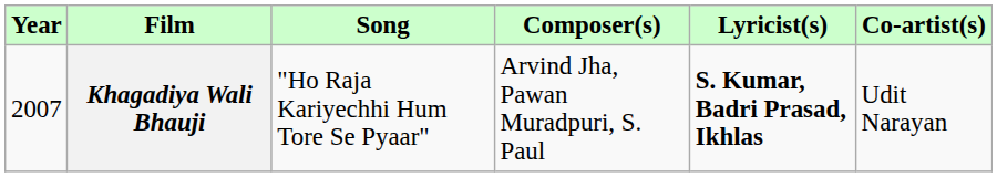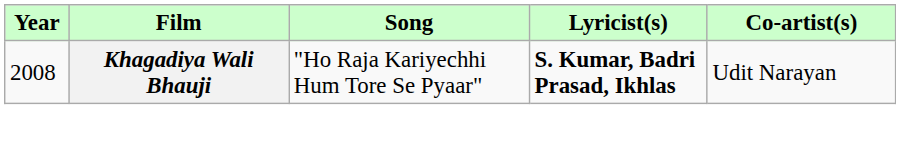 <table class="wikitable plainrowheaders" style="width:100%; textcolor:#000">
 <tr style="background:#cfc; text-align:center;">
 <td scope="col" style="width:5%;"><strong>Year</strong></td>
 <td scope="col" style="width:21%;"><strong>Film</strong></td>
 <td scope="col" style="width:23%;"><strong>Song</strong></td>
-<td scope="col" style="width:20%;"><strong>Composer(s)</strong></td>
 <td scope="col" style="width:17%;"><strong>Lyricist(s)</strong></td>
 <td scope="col" style="width:18%;"><strong>Co-artist(s)</strong></td>
 </tr>
 <tr>
-<td>2007</td>
+<td>2008</td>
 <th scope="row"><em>Khagadiya Wali Bhauji</em></th>
 <td>"Ho Raja Kariyechhi Hum Tore Se Pyaar"</td>
-<td>Arvind Jha, Pawan Muradpuri, S. Paul</td>
 <td><strong>S. Kumar, Badri Prasad, Ikhlas</strong></td>
 <td>Udit Narayan</td>
 </tr>
 </table>
